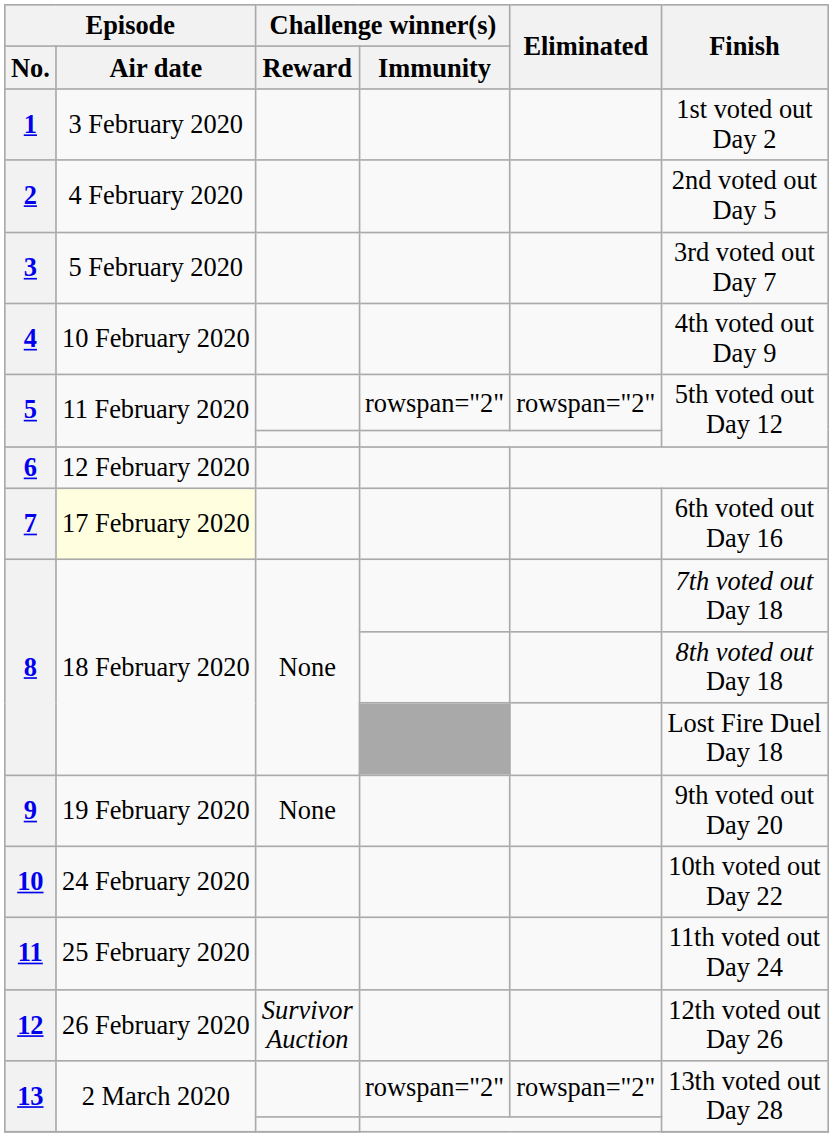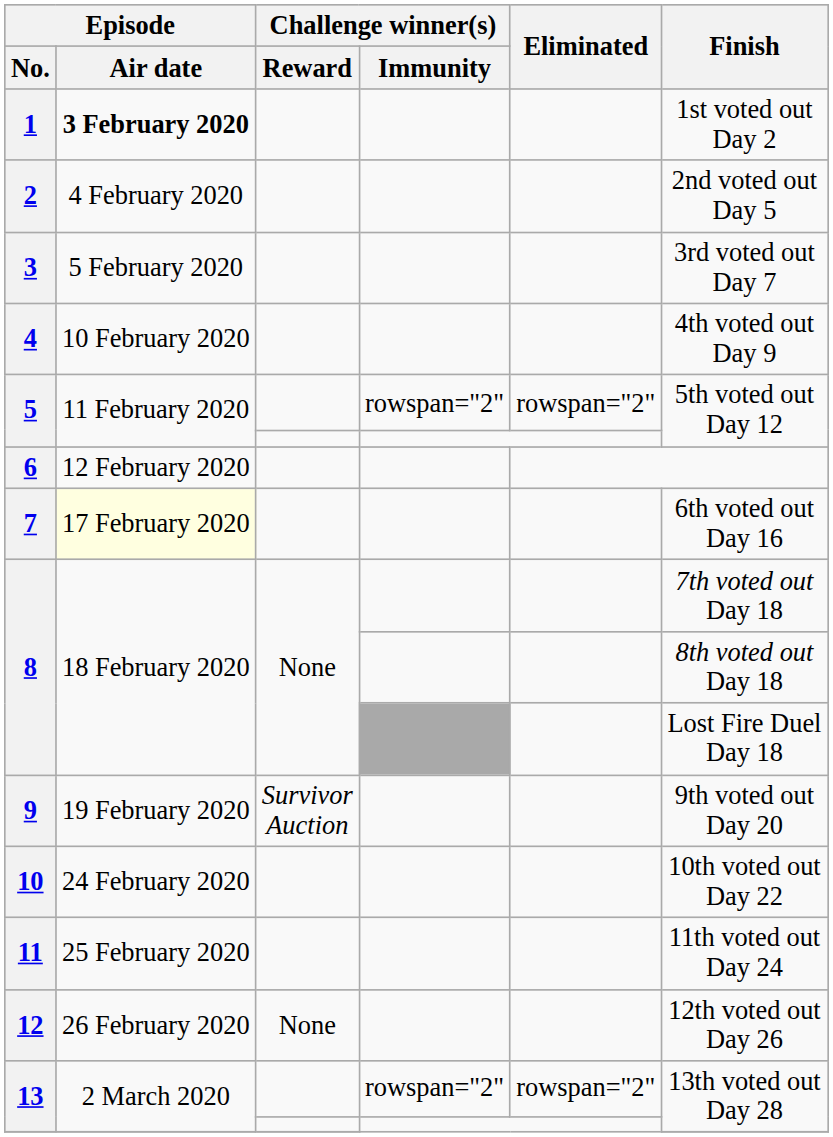 <table class="wikitable nowrap" style="text-align:center; font-size:100%">
 <tr>
 <th colspan="2">Episode</th>
 <th colspan="2">Challenge winner(s)</th>
 <th rowspan="2">Eliminated</th>
 <th rowspan="2">Finish</th>
 </tr>
 <tr>
 <th>No.</th>
 <th>Air date</th>
 <th>Reward</th>
 <th>Immunity</th>
 </tr>
 <tr>
 <th><a href='#'>1</a></th>
-<td>3 February 2020</td>
+<td><strong>3 February 2020</strong></td>
 <td></td>
 <td></td>
 <td></td>
 <td>1st voted out<br>Day 2</td>
 </tr>
 <tr>
 <th><a href='#'>2</a></th>
 <td>4 February 2020</td>
 <td></td>
 <td></td>
 <td></td>
 <td>2nd voted out<br>Day 5</td>
 </tr>
 <tr>
 <th><a href='#'>3</a></th>
 <td>5 February 2020</td>
 <td></td>
 <td></td>
 <td></td>
 <td>3rd voted out<br>Day 7</td>
 </tr>
 <tr>
 <th><a href='#'>4</a></th>
 <td>10 February 2020</td>
 <td></td>
 <td></td>
 <td></td>
 <td>4th voted out<br>Day 9</td>
 </tr>
 <tr>
 <th rowspan="2"><a href='#'>5</a></th>
 <td rowspan="2">11 February 2020</td>
 <td></td>
 <td>rowspan="2" </td>
 <td>rowspan="2" </td>
 <td rowspan="2">5th voted out<br>Day 12</td>
 </tr>
 <tr>
 <td></td>
 </tr>
 <tr>
 <th><a href='#'>6</a></th>
 <td>12 February 2020</td>
 <td></td>
 <td></td>
 <td colspan="2"><small><em><br></em></small></td>
 </tr>
 <tr>
 <th><a href='#'>7</a></th>
 <td style="background: lightyellow;">17 February 2020</td>
 <td></td>
 <td></td>
 <td></td>
 <td>6th voted out<br>Day 16</td>
 </tr>
 <tr>
 <th rowspan="3"><a href='#'>8</a></th>
 <td rowspan="3">18 February 2020</td>
 <td rowspan="3">None</td>
 <td></td>
 <td></td>
 <td><em>7th voted out</em><br>Day 18</td>
 </tr>
 <tr>
 <td></td>
 <td></td>
 <td><em>8th voted out</em><br>Day 18</td>
 </tr>
 <tr>
 <td bgcolor="darkgray"></td>
 <td></td>
 <td>Lost Fire Duel<br>Day 18</td>
 </tr>
 <tr>
 <th><a href='#'>9</a></th>
 <td>19 February 2020</td>
-<td>None</td>
+<td><em>Survivor<br>Auction</em></td>
 <td></td>
 <td></td>
 <td>9th voted out<br>Day 20</td>
 </tr>
 <tr>
 <th><a href='#'>10</a></th>
 <td>24 February 2020</td>
 <td></td>
 <td></td>
 <td></td>
 <td>10th voted out<br>Day 22</td>
 </tr>
 <tr>
 <th><a href='#'>11</a></th>
 <td>25 February 2020</td>
 <td></td>
 <td></td>
 <td></td>
 <td>11th voted out<br>Day 24</td>
 </tr>
 <tr>
 <th><a href='#'>12</a></th>
 <td>26 February 2020</td>
-<td><em>Survivor<br>Auction</em></td>
+<td>None</td>
 <td></td>
 <td></td>
 <td>12th voted out<br>Day 26</td>
 </tr>
 <tr>
 <th rowspan="2"><a href='#'>13</a></th>
 <td rowspan="2">2 March 2020</td>
 <td></td>
 <td>rowspan="2" </td>
 <td>rowspan="2" </td>
 <td rowspan="2">13th voted out<br>Day 28</td>
 </tr>
 <tr>
 <td></td>
 </tr>
 <tr>
 </tr>
 </table>
